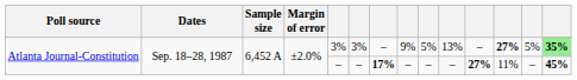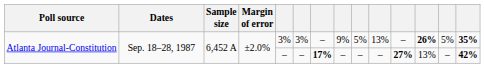 <table class="wikitable" style="font-size:90%;text-align:center;">
 <tr>
 <th>Poll source</th>
 <th style="width:120px;">Dates</th>
 <th>Sample<br>size</th>
 <th>Margin<br>of error</th>
 <th></th>
 <th></th>
 <th></th>
 <th></th>
 <th></th>
 <th></th>
 <th></th>
 <th></th>
 <th></th>
 <th></th>
 </tr>
 <tr>
 <td rowspan="2"><a href='#'>Atlanta Journal-Constitution</a></td>
 <td rowspan="2">Sep. 18–28, 1987</td>
 <td rowspan="2">6,452 A</td>
 <td rowspan="2">±2.0%</td>
 <td>3%</td>
 <td>3%</td>
 <td>–</td>
 <td>9%</td>
 <td>5%</td>
 <td>13%</td>
 <td>–</td>
-<td><strong>27%</strong></td>
+<td><strong>26%</strong></td>
 <td>5%</td>
-<td style="background: lightgreen;"><strong>35%</strong></td>
+<td><strong>35%</strong></td>
 </tr>
 <tr>
 <td>–</td>
 <td>–</td>
 <td><strong>17%</strong></td>
 <td>–</td>
 <td>–</td>
 <td>–</td>
 <td><strong>27%</strong></td>
-<td>11%</td>
+<td>13%</td>
 <td>–</td>
-<td><strong>45%</strong></td>
+<td><strong>42%</strong></td>
 </tr>
 </table>
